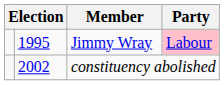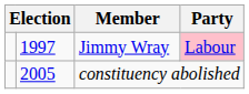 <table class="wikitable">
 <tr>
 <th colspan="2">Election</th>
 <th>Member  </th>
 <th>Party</th>
 </tr>
 <tr>
 <td style="background-color: "></td>
-<td><a href='#'>1995</a></td>
+<td><a href='#'>1997</a></td>
 <td><a href='#'>Jimmy Wray</a></td>
 <td style="background: pink;"><a href='#'>Labour</a></td>
 </tr>
 <tr>
 <td></td>
-<td><a href='#'>2002</a></td>
+<td><a href='#'>2005</a></td>
 <td colspan="2"><em>constituency abolished</em></td>
 </tr>
 </table>
